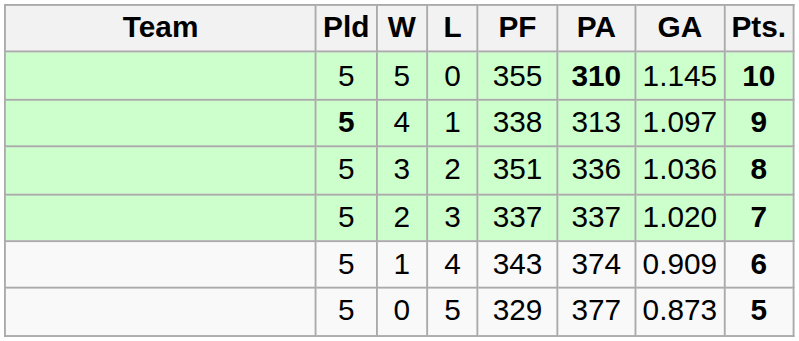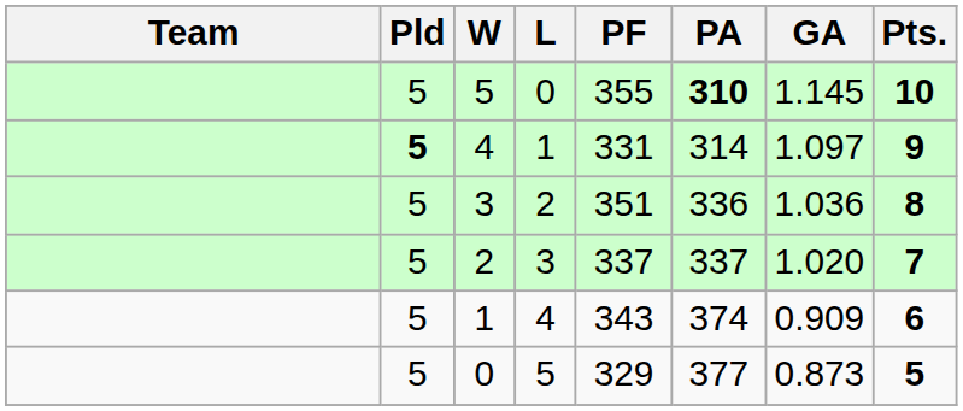 <table class=wikitable style="text-align:center">
 <tr>
 <th width=160>Team</th>
 <th width=20>Pld</th>
 <th width=20>W</th>
 <th width=20>L</th>
 <th width=35>PF</th>
 <th width=35>PA</th>
 <th width=35>GA</th>
 <th width=30>Pts.</th>
 </tr>
 <tr bgcolor=#ccffcc>
 <td align=left></td>
 <td>5</td>
 <td>5</td>
 <td>0</td>
 <td>355</td>
 <td><strong>310</strong></td>
 <td>1.145</td>
 <td><strong>10</strong></td>
 </tr>
 <tr bgcolor=#ccffcc>
 <td align=left></td>
 <td><strong>5</strong></td>
 <td>4</td>
 <td>1</td>
-<td>338</td>
-<td>313</td>
+<td>331</td>
+<td>314</td>
 <td>1.097</td>
 <td><strong>9</strong></td>
 </tr>
 <tr bgcolor=#ccffcc>
 <td align=left></td>
 <td>5</td>
 <td>3</td>
 <td>2</td>
 <td>351</td>
 <td>336</td>
 <td>1.036</td>
 <td><strong>8</strong></td>
 </tr>
 <tr bgcolor=#ccffcc>
 <td align=left></td>
 <td>5</td>
 <td>2</td>
 <td>3</td>
 <td>337</td>
 <td>337</td>
 <td>1.020</td>
 <td><strong>7</strong></td>
 </tr>
 <tr>
 <td align=left></td>
 <td>5</td>
 <td>1</td>
 <td>4</td>
 <td>343</td>
 <td>374</td>
 <td>0.909</td>
 <td><strong>6</strong></td>
 </tr>
 <tr>
 <td align=left></td>
 <td>5</td>
 <td>0</td>
 <td>5</td>
 <td>329</td>
 <td>377</td>
 <td>0.873</td>
 <td><strong>5</strong></td>
 </tr>
 </table>
